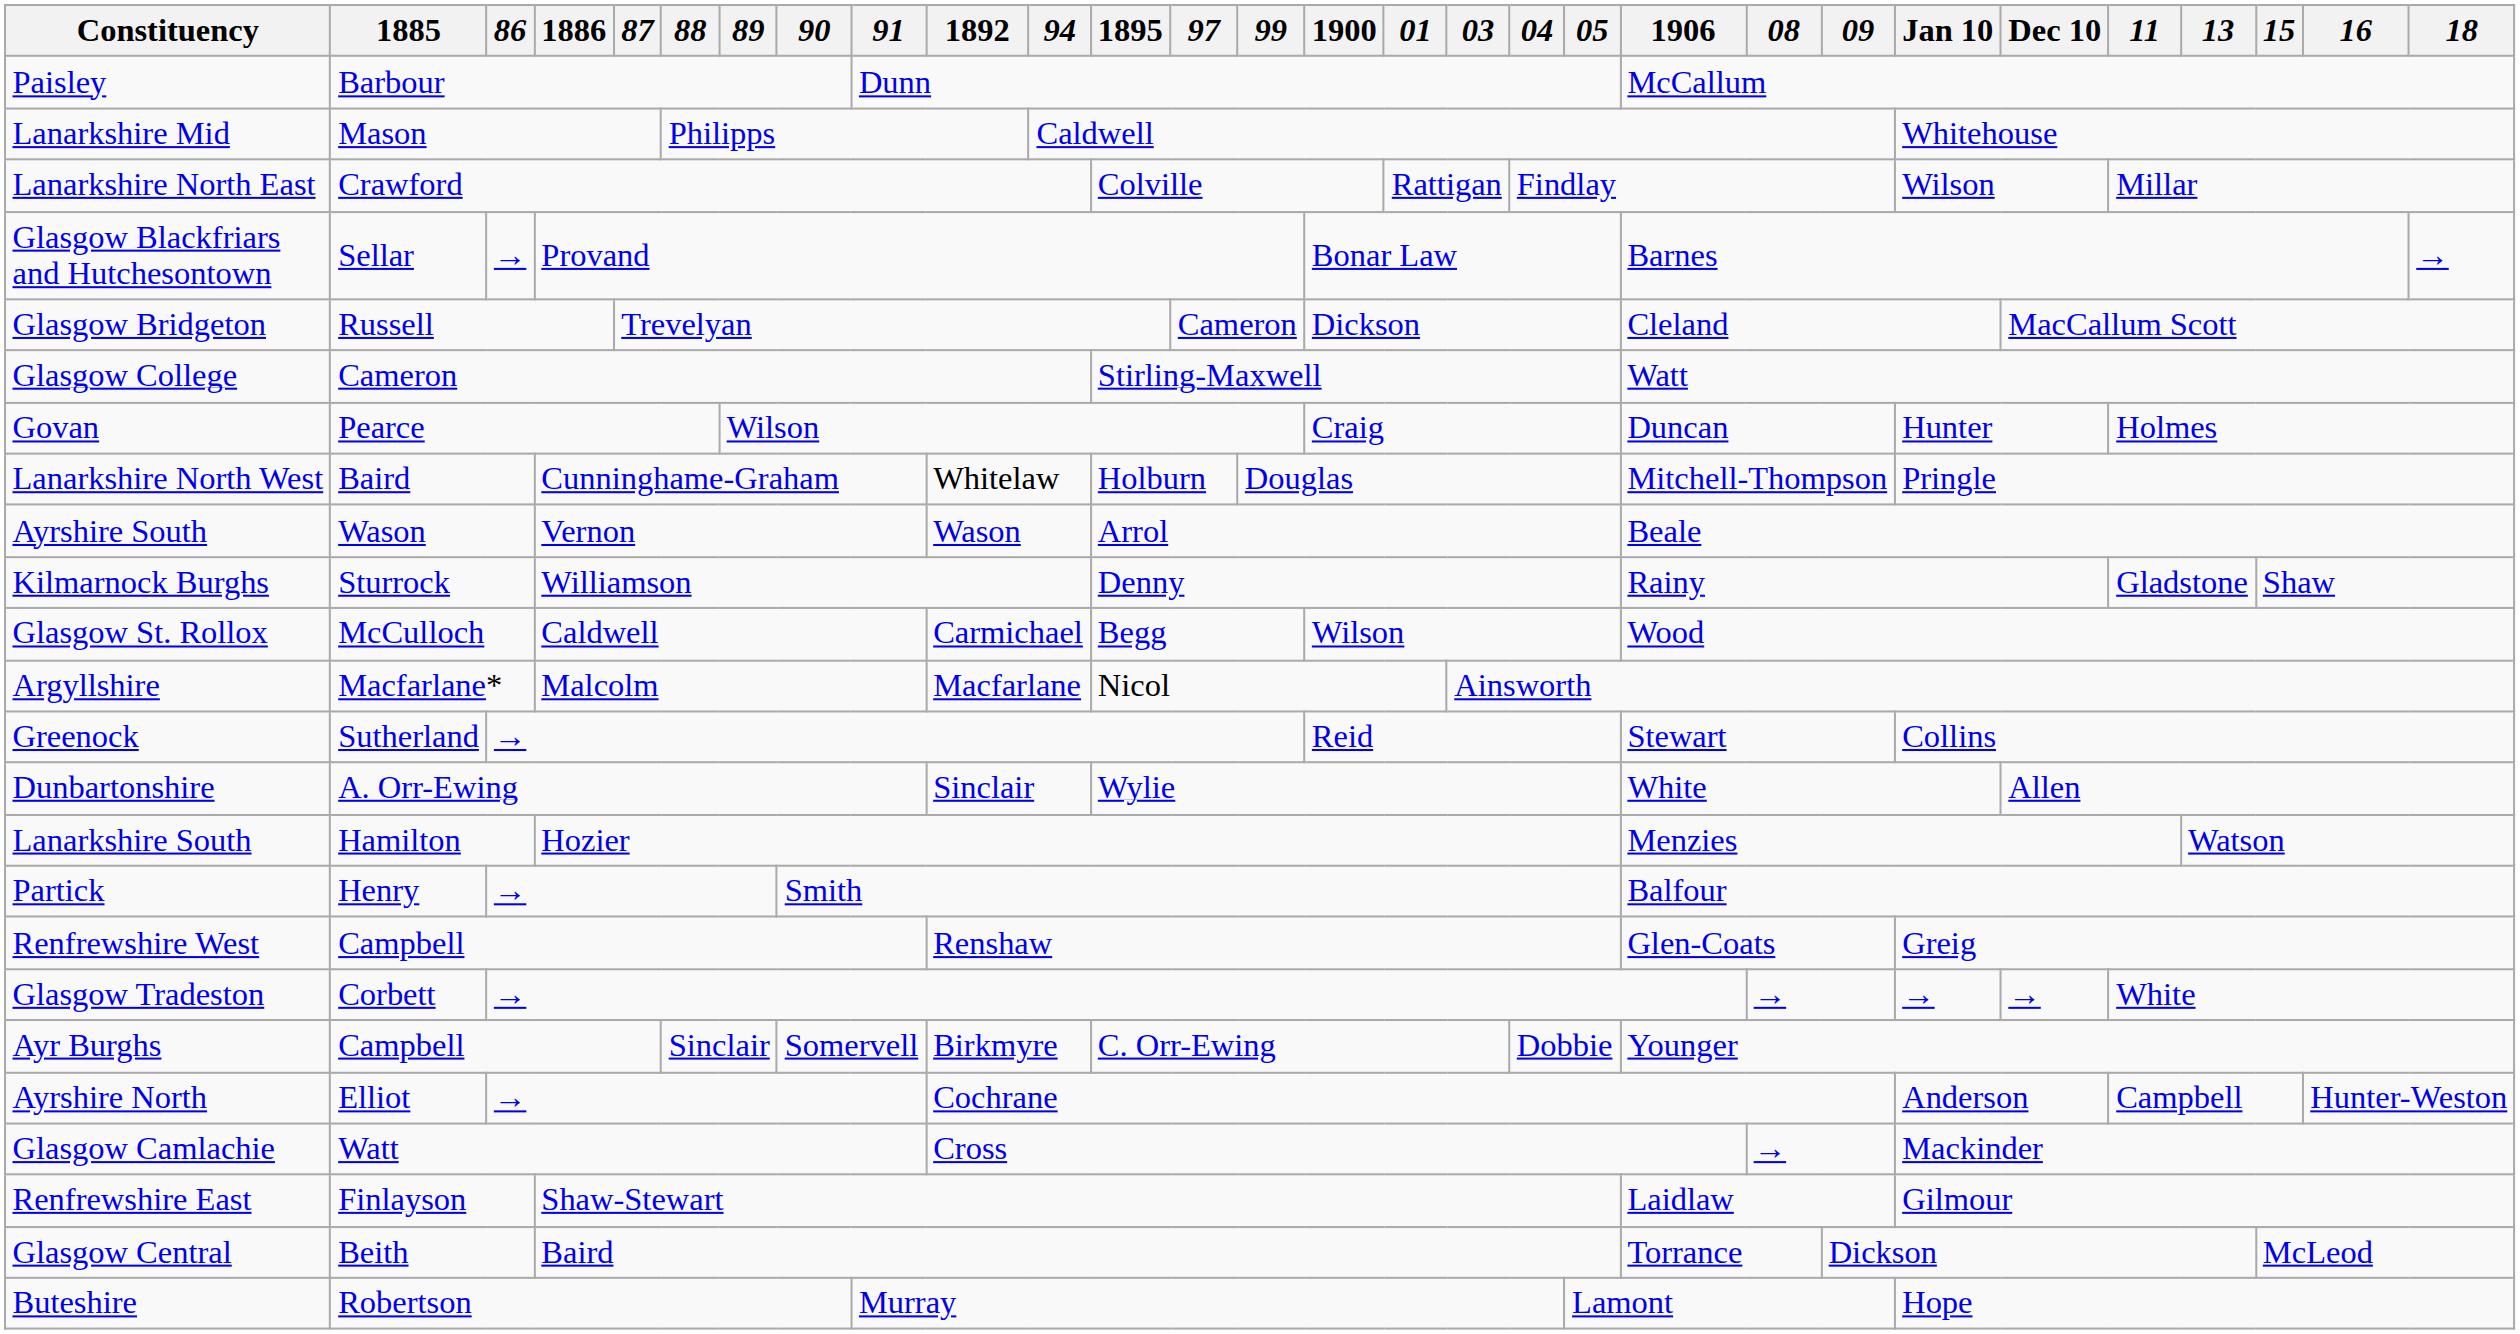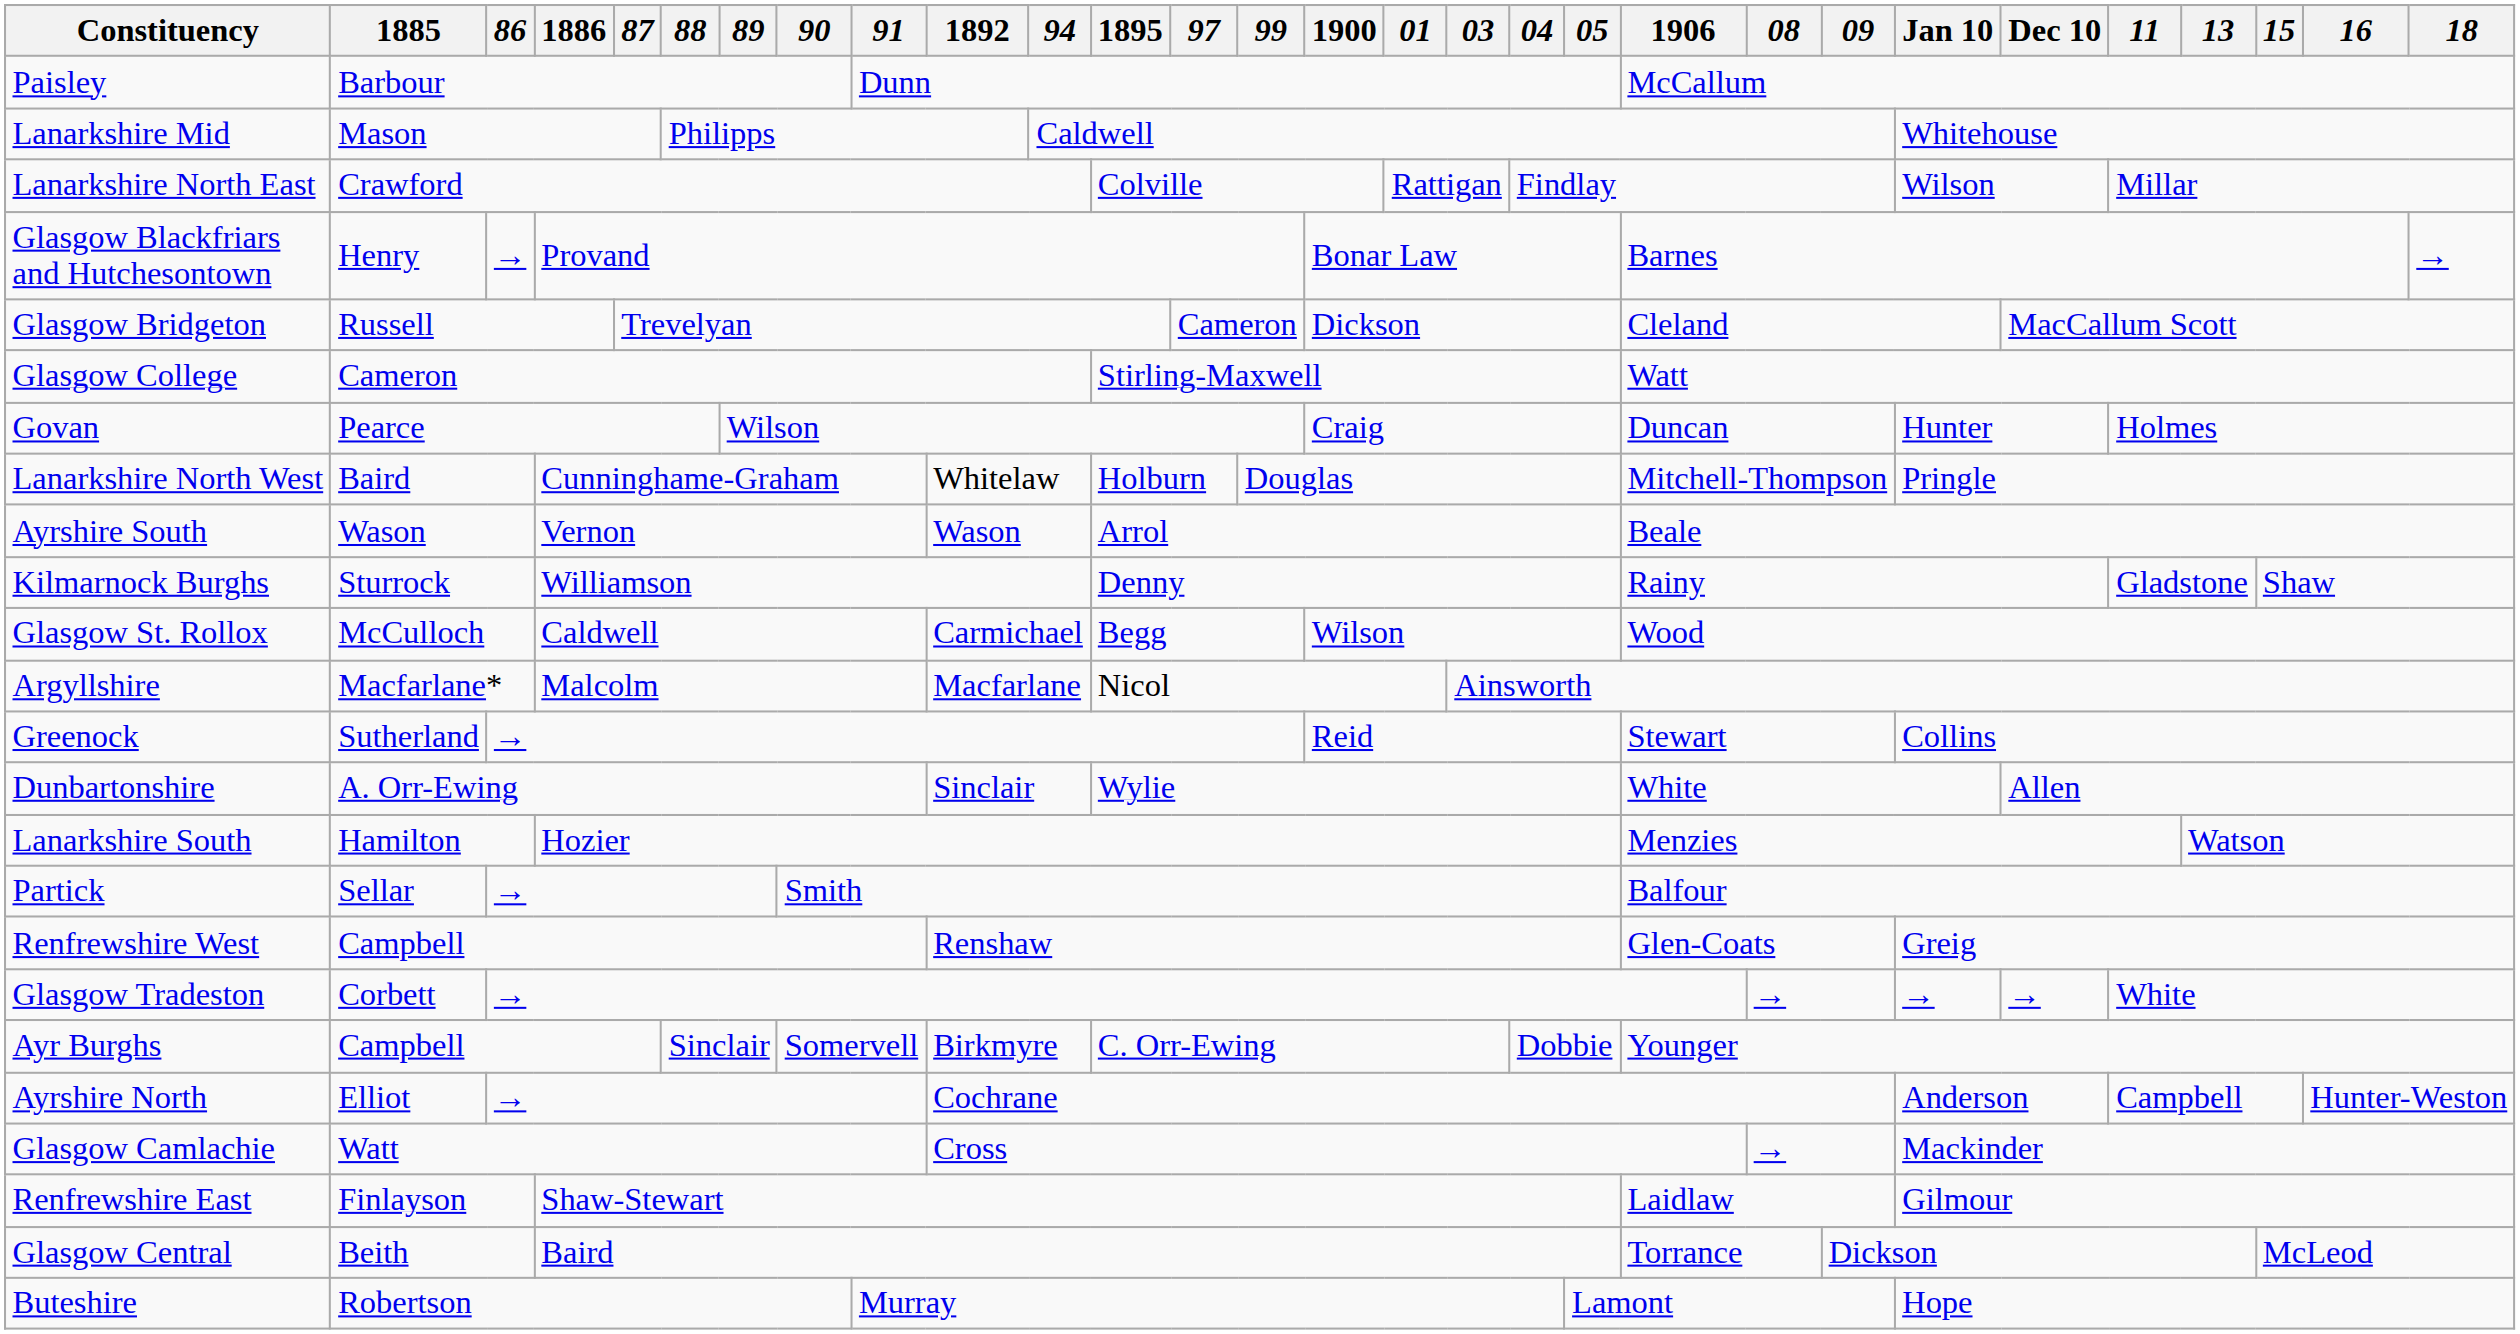 <table class="wikitable">
 <tr>
 <th>Constituency</th>
 <th>1885</th>
 <th><em>86</em></th>
 <th>1886</th>
 <th><em>87</em></th>
 <th><em>88</em></th>
 <th><em>89</em></th>
 <th><em>90</em></th>
 <th><em>91</em></th>
 <th>1892</th>
 <th><em>94</em></th>
 <th>1895</th>
 <th><em>97</em></th>
 <th><em>99</em></th>
 <th>1900</th>
 <th><em>01</em></th>
 <th><em>03</em></th>
 <th><em>04</em></th>
 <th><em>05</em></th>
 <th>1906</th>
 <th><em>08</em></th>
 <th><em>09</em></th>
 <th>Jan 10</th>
 <th>Dec 10</th>
 <th><em>11</em></th>
 <th><em>13</em></th>
 <th><em>15</em></th>
 <th><em>16</em></th>
 <th><em>18</em></th>
 </tr>
 <tr>
 <td><a href='#'>Paisley</a></td>
 <td colspan="7"><a href='#'>Barbour</a></td>
 <td colspan="11"><a href='#'>Dunn</a></td>
 <td colspan="10"><a href='#'>McCallum</a></td>
 </tr>
 <tr>
 <td><a href='#'>Lanarkshire Mid</a></td>
 <td colspan="4"><a href='#'>Mason</a></td>
 <td colspan="5"><a href='#'>Philipps</a></td>
 <td colspan="12"><a href='#'>Caldwell</a></td>
 <td colspan="7"><a href='#'>Whitehouse</a></td>
 </tr>
 <tr>
 <td><a href='#'>Lanarkshire North East</a></td>
 <td colspan="10"><a href='#'>Crawford</a></td>
 <td colspan="4"><a href='#'>Colville</a></td>
 <td colspan="2"><a href='#'>Rattigan</a></td>
 <td colspan="5"><a href='#'>Findlay</a></td>
 <td colspan="2"><a href='#'>Wilson</a></td>
 <td colspan="5"><a href='#'>Millar</a></td>
 </tr>
 <tr>
 <td><a href='#'>Glasgow Blackfriars</a><br><a href='#'>and Hutchesontown</a></td>
-<td><a href='#'>Sellar</a></td>
+<td><a href='#'>Henry</a></td>
 <td><a href='#'>→</a></td>
 <td colspan="11"><a href='#'>Provand</a></td>
 <td colspan="5"><a href='#'>Bonar Law</a></td>
 <td colspan="9"><a href='#'>Barnes</a></td>
 <td><a href='#'>→</a></td>
 </tr>
 <tr>
 <td><a href='#'>Glasgow Bridgeton</a></td>
 <td colspan="3"><a href='#'>Russell</a></td>
 <td colspan="8"><a href='#'>Trevelyan</a></td>
 <td colspan="2"><a href='#'>Cameron</a></td>
 <td colspan="5"><a href='#'>Dickson</a></td>
 <td colspan="4"><a href='#'>Cleland</a></td>
 <td colspan="6"><a href='#'>MacCallum Scott</a></td>
 </tr>
 <tr>
 <td><a href='#'>Glasgow College</a></td>
 <td colspan="10"><a href='#'>Cameron</a></td>
 <td colspan="8"><a href='#'>Stirling-Maxwell</a></td>
 <td colspan="10"><a href='#'>Watt</a></td>
 </tr>
 <tr>
 <td><a href='#'>Govan</a></td>
 <td colspan="5"><a href='#'>Pearce</a></td>
 <td colspan="8"><a href='#'>Wilson</a></td>
 <td colspan="5"><a href='#'>Craig</a></td>
 <td colspan="3"><a href='#'>Duncan</a></td>
 <td colspan="2"><a href='#'>Hunter</a></td>
 <td colspan="5"><a href='#'>Holmes</a></td>
 </tr>
 <tr>
 <td><a href='#'>Lanarkshire North West</a></td>
 <td colspan="2"><a href='#'>Baird</a></td>
 <td colspan="6"><a href='#'>Cunninghame-Graham</a></td>
 <td colspan="2">Whitelaw</td>
 <td colspan="2"><a href='#'>Holburn</a></td>
 <td colspan="6"><a href='#'>Douglas</a></td>
 <td colspan="3"><a href='#'>Mitchell-Thompson</a></td>
 <td colspan="7"><a href='#'>Pringle</a></td>
 </tr>
 <tr>
 <td><a href='#'>Ayrshire South</a></td>
 <td colspan="2"><a href='#'>Wason</a></td>
 <td colspan="6"><a href='#'>Vernon</a></td>
 <td colspan="2"><a href='#'>Wason</a></td>
 <td colspan="8"><a href='#'>Arrol</a></td>
 <td colspan="10"><a href='#'>Beale</a></td>
 </tr>
 <tr>
 <td><a href='#'>Kilmarnock Burghs</a></td>
 <td colspan="2"><a href='#'>Sturrock</a></td>
 <td colspan="8"><a href='#'>Williamson</a></td>
 <td colspan="8"><a href='#'>Denny</a></td>
 <td colspan="5"><a href='#'>Rainy</a></td>
 <td colspan="2"><a href='#'>Gladstone</a></td>
 <td colspan="3"><a href='#'>Shaw</a></td>
 </tr>
 <tr>
 <td><a href='#'>Glasgow St. Rollox</a></td>
 <td colspan="2"><a href='#'>McCulloch</a></td>
 <td colspan="6"><a href='#'>Caldwell</a></td>
 <td colspan="2"><a href='#'>Carmichael</a></td>
 <td colspan="3"><a href='#'>Begg</a></td>
 <td colspan="5"><a href='#'>Wilson</a></td>
 <td colspan="10"><a href='#'>Wood</a></td>
 </tr>
 <tr>
 <td><a href='#'>Argyllshire</a></td>
 <td colspan="2"><a href='#'>Macfarlane</a>*</td>
 <td colspan="6"><a href='#'>Malcolm</a></td>
 <td colspan="2"><a href='#'>Macfarlane</a></td>
 <td colspan="5">Nicol</td>
 <td colspan="13"><a href='#'>Ainsworth</a></td>
 </tr>
 <tr>
 <td><a href='#'>Greenock</a></td>
 <td><a href='#'>Sutherland</a></td>
 <td colspan="12"><a href='#'>→</a></td>
 <td colspan="5"><a href='#'>Reid</a></td>
 <td colspan="3"><a href='#'>Stewart</a></td>
 <td colspan="7"><a href='#'>Collins</a></td>
 </tr>
 <tr>
 <td><a href='#'>Dunbartonshire</a></td>
 <td colspan="8"><a href='#'>A. Orr-Ewing</a></td>
 <td colspan="2"><a href='#'>Sinclair</a></td>
 <td colspan="8"><a href='#'>Wylie</a></td>
 <td colspan="4"><a href='#'>White</a></td>
 <td colspan="6"><a href='#'>Allen</a></td>
 </tr>
 <tr>
 <td><a href='#'>Lanarkshire South</a></td>
 <td colspan="2"><a href='#'>Hamilton</a></td>
 <td colspan="16"><a href='#'>Hozier</a></td>
 <td colspan="6"><a href='#'>Menzies</a></td>
 <td colspan="4"><a href='#'>Watson</a></td>
 </tr>
 <tr>
 <td><a href='#'>Partick</a></td>
-<td><a href='#'>Henry</a></td>
+<td><a href='#'>Sellar</a></td>
 <td colspan="5"><a href='#'>→</a></td>
 <td colspan="12"><a href='#'>Smith</a></td>
 <td colspan="10"><a href='#'>Balfour</a></td>
 </tr>
 <tr>
 <td><a href='#'>Renfrewshire West</a></td>
 <td colspan="8"><a href='#'>Campbell</a></td>
 <td colspan="10"><a href='#'>Renshaw</a></td>
 <td colspan="3"><a href='#'>Glen-Coats</a></td>
 <td colspan="7"><a href='#'>Greig</a></td>
 </tr>
 <tr>
 <td><a href='#'>Glasgow Tradeston</a></td>
 <td><a href='#'>Corbett</a></td>
 <td colspan="18"><a href='#'>→</a></td>
 <td colspan="2"><a href='#'>→</a></td>
 <td><a href='#'>→</a></td>
 <td><a href='#'>→</a></td>
 <td colspan="5"><a href='#'>White</a></td>
 </tr>
 <tr>
 <td><a href='#'>Ayr Burghs</a></td>
 <td colspan="4"><a href='#'>Campbell</a></td>
 <td colspan="2"><a href='#'>Sinclair</a></td>
 <td colspan="2"><a href='#'>Somervell</a></td>
 <td colspan="2"><a href='#'>Birkmyre</a></td>
 <td colspan="6"><a href='#'>C. Orr-Ewing</a></td>
 <td colspan="2"><a href='#'>Dobbie</a></td>
 <td colspan="10"><a href='#'>Younger</a></td>
 </tr>
 <tr>
 <td><a href='#'>Ayrshire North</a></td>
 <td><a href='#'>Elliot</a></td>
 <td colspan="7"><a href='#'>→</a></td>
 <td colspan="13"><a href='#'>Cochrane</a></td>
 <td colspan="2"><a href='#'>Anderson</a></td>
 <td colspan="3"><a href='#'>Campbell</a></td>
 <td colspan="2"><a href='#'>Hunter-Weston</a></td>
 </tr>
 <tr>
 <td><a href='#'>Glasgow Camlachie</a></td>
 <td colspan="8"><a href='#'>Watt</a></td>
 <td colspan="11"><a href='#'>Cross</a></td>
 <td colspan="2"><a href='#'>→</a></td>
 <td colspan="7"><a href='#'>Mackinder</a></td>
 </tr>
 <tr>
 <td><a href='#'>Renfrewshire East</a></td>
 <td colspan="2"><a href='#'>Finlayson</a></td>
 <td colspan="16"><a href='#'>Shaw-Stewart</a></td>
 <td colspan="3"><a href='#'>Laidlaw</a></td>
 <td colspan="7"><a href='#'>Gilmour</a></td>
 </tr>
 <tr>
 <td><a href='#'>Glasgow Central</a></td>
 <td colspan="2"><a href='#'>Beith</a></td>
 <td colspan="16"><a href='#'>Baird</a></td>
 <td colspan="2"><a href='#'>Torrance</a></td>
 <td colspan="5"><a href='#'>Dickson</a></td>
 <td colspan="3"><a href='#'>McLeod</a></td>
 </tr>
 <tr>
 <td><a href='#'>Buteshire</a></td>
 <td colspan="7"><a href='#'>Robertson</a></td>
 <td colspan="10"><a href='#'>Murray</a></td>
 <td colspan="4"><a href='#'>Lamont</a></td>
 <td colspan="7"><a href='#'>Hope</a></td>
 </tr>
 </table>
